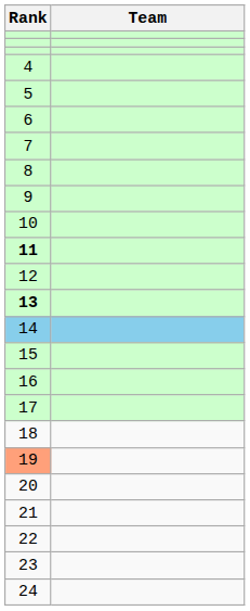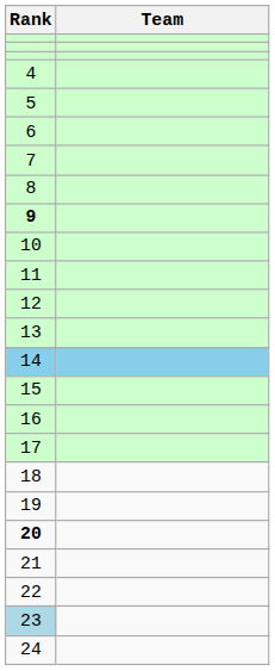 <table class=wikitable style="text-align:center;">
 <tr>
 <th>Rank</th>
 <th width=150>Team</th>
 </tr>
 <tr bgcolor=#ccffcc>
 <td></td>
 <td align=left></td>
 </tr>
 <tr bgcolor=#ccffcc>
 <td></td>
 <td align=left></td>
 </tr>
 <tr bgcolor=#ccffcc>
 <td></td>
 <td align=left></td>
 </tr>
 <tr bgcolor=#ccffcc>
 <td>4</td>
 <td align=left></td>
 </tr>
 <tr bgcolor=#ccffcc>
 <td>5</td>
 <td align=left></td>
 </tr>
 <tr bgcolor=#ccffcc>
 <td>6</td>
 <td align=left></td>
 </tr>
 <tr bgcolor=#ccffcc>
 <td>7</td>
 <td align=left></td>
 </tr>
 <tr bgcolor=#ccffcc>
 <td>8</td>
 <td align=left></td>
 </tr>
 <tr bgcolor=#ccffcc>
-<td>9</td>
+<td><strong>9</strong></td>
 <td align=left></td>
 </tr>
 <tr bgcolor=#ccffcc>
 <td>10</td>
 <td align=left></td>
 </tr>
 <tr bgcolor=#ccffcc>
-<td><strong>11</strong></td>
+<td>11</td>
 <td align=left></td>
 </tr>
 <tr bgcolor=#ccffcc>
 <td>12</td>
 <td align=left></td>
 </tr>
 <tr bgcolor=#ccffcc>
-<td><strong>13</strong></td>
+<td>13</td>
 <td align=left></td>
 </tr>
 <tr bgcolor=skyblue>
 <td>14</td>
 <td align=left></td>
 </tr>
 <tr bgcolor=#ccffcc>
 <td>15</td>
 <td align=left></td>
 </tr>
 <tr bgcolor=#ccffcc>
 <td>16</td>
 <td align=left></td>
 </tr>
 <tr bgcolor=#ccffcc>
 <td>17</td>
 <td align=left></td>
 </tr>
 <tr>
 <td>18</td>
 <td align=left></td>
 </tr>
 <tr>
-<td style="background: lightsalmon;">19</td>
+<td>19</td>
 <td align=left></td>
 </tr>
 <tr>
-<td>20</td>
+<td><strong>20</strong></td>
 <td align=left></td>
 </tr>
 <tr>
 <td>21</td>
 <td align=left></td>
 </tr>
 <tr>
 <td>22</td>
 <td align=left></td>
 </tr>
 <tr>
-<td>23</td>
+<td style="background: lightblue;">23</td>
 <td align=left></td>
 </tr>
 <tr>
 <td>24</td>
 <td align=left></td>
 </tr>
 </table>
